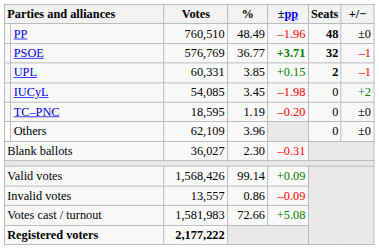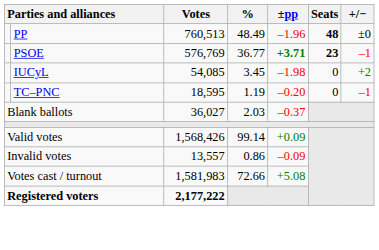 <table class="wikitable" style="text-align:right;">
 <tr>
 <th style="text-align:left;" colspan="2" width="200">Parties and alliances</th>
 <th width="75">Votes</th>
 <th width="45">%</th>
 <th width="45">±<a href='#'>pp</a></th>
 <th width="35">Seats</th>
 <th width="35">+/−</th>
 </tr>
 <tr>
 <td width="1" style="color:inherit;background:"></td>
 <td align="left"><a href='#'>PP</a></td>
-<td>760,510</td>
+<td>760,513</td>
 <td>48.49</td>
 <td style="color:red;">–1.96</td>
 <td><strong>48</strong></td>
 <td>±0</td>
 </tr>
 <tr>
 <td style="color:inherit;background:"></td>
 <td align="left"><a href='#'>PSOE</a></td>
 <td>576,769</td>
 <td>36.77</td>
 <td style="color:green;"><strong>+3.71</strong></td>
-<td><strong>32</strong></td>
-<td style="color:red;">–1</td>
-</tr>
-<tr>
-<td style="color:inherit;background:"></td>
-<td align="left"><a href='#'>UPL</a></td>
-<td>60,331</td>
-<td>3.85</td>
-<td style="color:green;">+0.15</td>
-<td><strong>2</strong></td>
+<td><strong>23</strong></td>
 <td style="color:red;">–1</td>
 </tr>
 <tr>
 <td style="color:inherit;background:"></td>
 <td align="left"><a href='#'>IUCyL</a></td>
 <td>54,085</td>
 <td>3.45</td>
 <td style="color:red;">–1.98</td>
 <td>0</td>
 <td style="color:green;">+2</td>
 </tr>
 <tr>
 <td style="color:inherit;background:"></td>
 <td align="left"><a href='#'>TC–PNC</a></td>
 <td>18,595</td>
 <td>1.19</td>
 <td style="color:red;">–0.20</td>
 <td>0</td>
-<td>±0</td>
-</tr>
-<tr>
-<td bgcolor="white"></td>
-<td align="left">Others</td>
-<td>62,109</td>
-<td>3.96</td>
-<td bgcolor="#E9E9E9"></td>
-<td>0</td>
-<td>±0</td>
+<td style="color:red;">–1</td>
 </tr>
 <tr>
 <td align="left" colspan="2">Blank ballots</td>
 <td>36,027</td>
-<td>2.30</td>
-<td style="color:red;">–0.31</td>
+<td>2.03</td>
+<td style="color:red;">–0.37</td>
 <td bgcolor="#E9E9E9" colspan="2"></td>
 </tr>
 <tr>
 <td colspan="7" bgcolor="#E9E9E9"></td>
 </tr>
 <tr>
 <td align="left" colspan="2">Valid votes</td>
 <td>1,568,426</td>
 <td>99.14</td>
 <td style="color:green;">+0.09</td>
 <td bgcolor="#E9E9E9" colspan="2" rowspan="4"></td>
 </tr>
 <tr>
 <td align="left" colspan="2">Invalid votes</td>
 <td>13,557</td>
 <td>0.86</td>
 <td style="color:red;">–0.09</td>
 </tr>
 <tr>
 <td align="left" colspan="2">Votes cast / turnout</td>
 <td>1,581,983</td>
 <td>72.66</td>
 <td style="color:green;">+5.08</td>
 </tr>
 <tr style="font-weight:bold;">
 <td align="left" colspan="2">Registered voters</td>
 <td>2,177,222</td>
 <td bgcolor="#E9E9E9" colspan="2"></td>
 </tr>
 </table>
